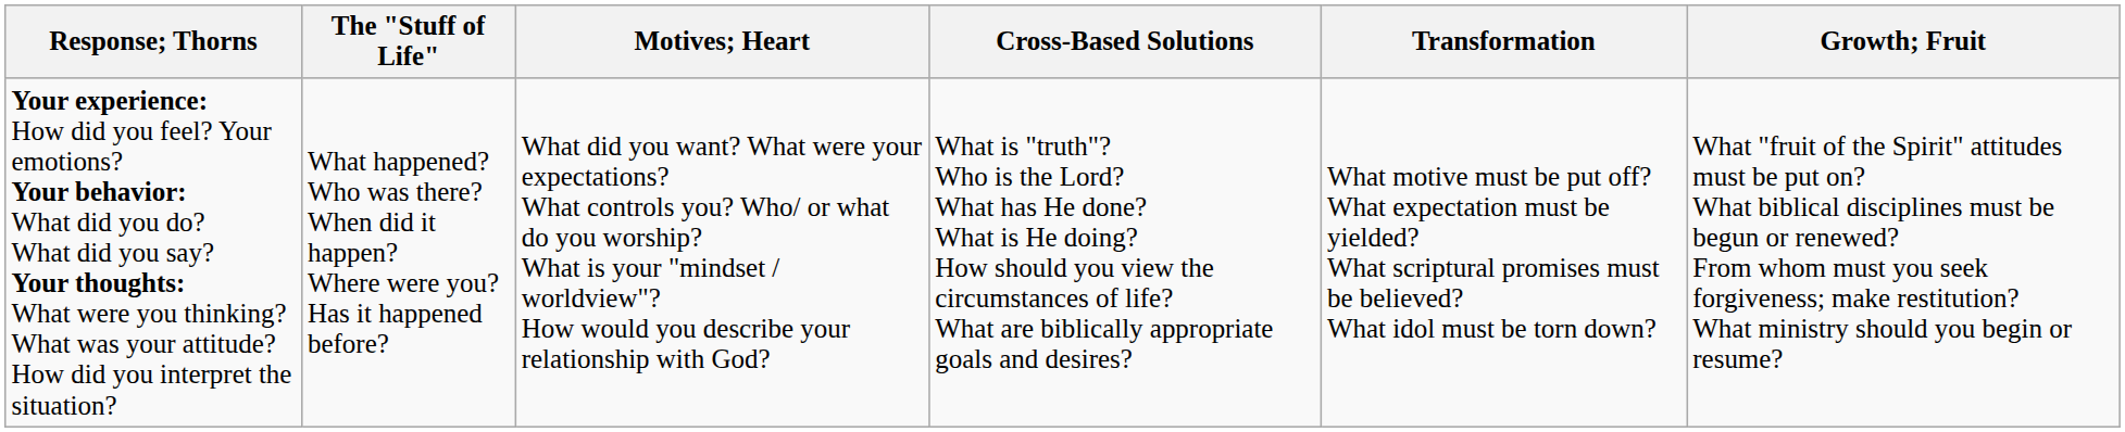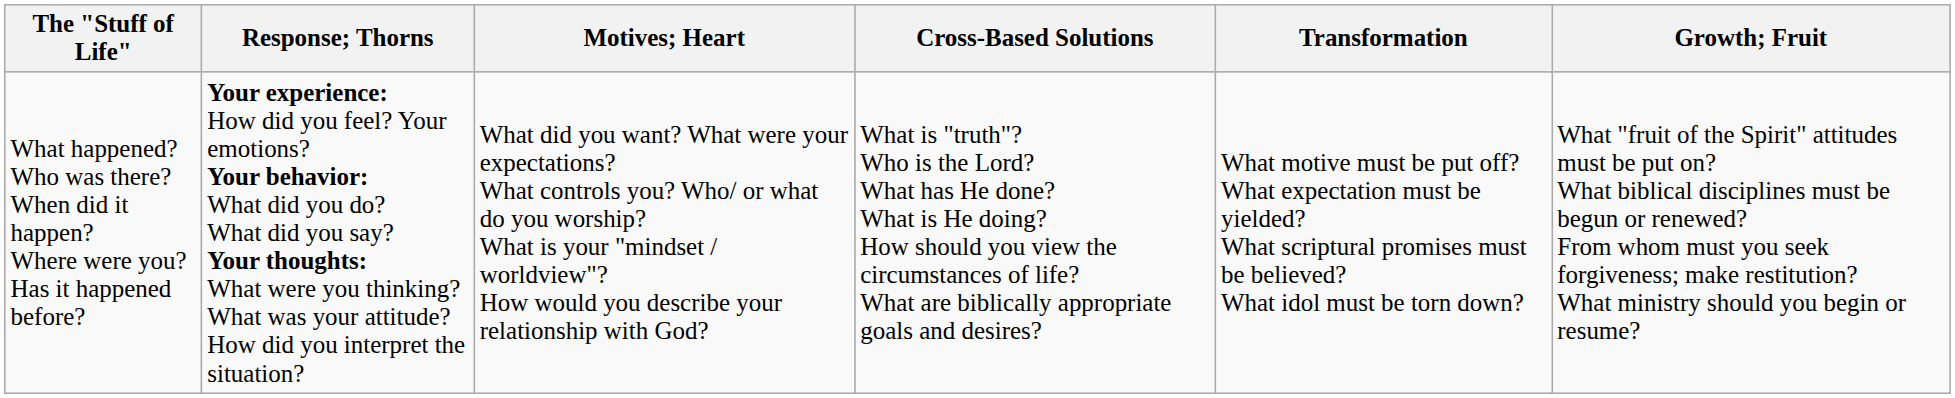 <table class="wikitable">
 <tr>
+<th>The "Stuff of Life"</th>
 <th>Response; Thorns</th>
-<th>The "Stuff of Life"</th>
 <th>Motives; Heart</th>
 <th>Cross-Based Solutions</th>
 <th>Transformation</th>
 <th>Growth; Fruit</th>
 </tr>
 <tr>
+<td>What happened?<br> Who was there?<br> When did it happen?<br> Where were you?<br> Has it happened before?</td>
 <td><strong>Your experience:</strong><br> How did you feel? Your emotions?<br> <strong>Your behavior:</strong><br> What did you do?<br> What did you say?<br> <strong>Your thoughts:</strong><br> What were you thinking?<br> What was your attitude?<br> How did you interpret the situation?</td>
-<td>What happened?<br> Who was there?<br> When did it happen?<br> Where were you?<br> Has it happened before?</td>
 <td>What did you want? What were your expectations?<br> What controls you? Who/ or what do you worship?<br> What is your "mindset / worldview"?<br> How would you describe your relationship with God?</td>
 <td>What is "truth"?<br> Who is the Lord?<br> What has He done?<br> What is He doing?<br> How should you view the circumstances of life?<br> What are biblically appropriate goals and desires?</td>
 <td>What motive must be put off?<br> What expectation must be yielded?<br> What scriptural promises must be believed?<br> What idol must be torn down?</td>
 <td>What "fruit of the Spirit" attitudes must be put on?<br> What biblical disciplines must be begun or renewed?<br> From whom must you seek forgiveness; make restitution?<br> What ministry should you begin or resume?</td>
 </tr>
 </table>
